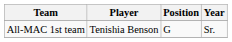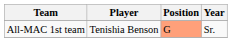 <table class="wikitable" border="1">
 <tr align=center>
 <th style= >Team</th>
 <th style= >Player</th>
 <th style= >Position</th>
 <th style= >Year</th>
 </tr>
 <tr align="center">
 </tr>
 <tr>
 <td>All-MAC 1st team</td>
 <td>Tenishia Benson</td>
-<td>G</td>
+<td style="background: lightsalmon;">G</td>
 <td>Sr.</td>
 </tr>
 <tr>
 </tr>
 </table>
